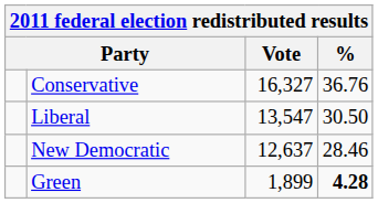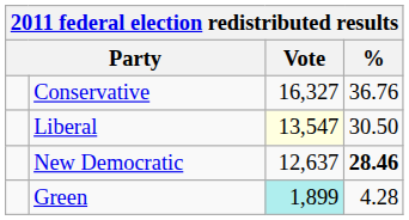 <table class="wikitable">
 <tr>
 <th colspan="4"><a href='#'>2011 federal election</a> redistributed results</th>
 </tr>
 <tr>
 <th bgcolor="#DDDDFF" width="130px" colspan="2">Party</th>
 <th bgcolor="#DDDDFF" width="50px">Vote</th>
 <th bgcolor="#DDDDFF" width="30px">%</th>
 </tr>
 <tr>
 <td> </td>
 <td><a href='#'>Conservative</a></td>
 <td align=right>16,327</td>
 <td align=right>36.76</td>
 </tr>
 <tr>
 <td> </td>
 <td><a href='#'>Liberal</a></td>
-<td align=right>13,547</td>
+<td align=right style="background: lightyellow;">13,547</td>
 <td align=right>30.50</td>
 </tr>
 <tr>
 <td> </td>
 <td><a href='#'>New Democratic</a></td>
 <td align=right>12,637</td>
-<td align=right>28.46</td>
+<td align=right><strong>28.46</strong></td>
 </tr>
 <tr>
 <td> </td>
 <td><a href='#'>Green</a></td>
-<td align=right>1,899</td>
-<td align=right><strong>4.28</strong></td>
+<td align=right style="background: paleturquoise;">1,899</td>
+<td align=right>4.28</td>
 </tr>
 </table>
